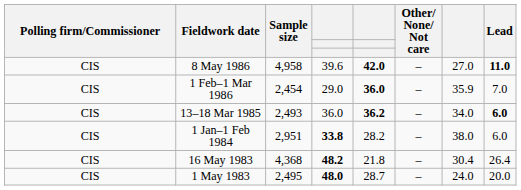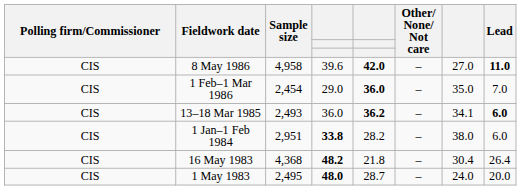 <table class="wikitable collapsible collapsed" style="text-align:center; font-size:90%; line-height:14px;">
 <tr style="height:42px;">
 <th style="width:250px;" rowspan="3">Polling firm/Commissioner</th>
 <th style="width:125px;" rowspan="3">Fieldwork date</th>
 <th style="width:50px;" rowspan="3">Sample size</th>
 <th style="width:55px;"></th>
 <th style="width:55px;"></th>
 <th style="width:55px;" rowspan="3">Other/<br>None/<br>Not<br>care</th>
 <th style="width:55px;" rowspan="3"></th>
 <th style="width:30px;" rowspan="3">Lead</th>
 </tr>
 <tr>
 <th style="color:inherit;background:"></th>
 <th style="color:inherit;background:"></th>
 </tr>
 <tr>
 <th></th>
 <th></th>
 </tr>
 <tr>
 <td>CIS</td>
 <td>8 May 1986</td>
 <td>4,958</td>
 <td>39.6</td>
 <td><strong>42.0</strong></td>
 <td>–</td>
 <td>27.0</td>
 <td style="background:"><strong>11.0</strong></td>
 </tr>
 <tr>
 <td>CIS</td>
 <td>1 Feb–1 Mar 1986</td>
 <td>2,454</td>
 <td>29.0</td>
 <td><strong>36.0</strong></td>
 <td>–</td>
-<td>35.9</td>
+<td>35.0</td>
 <td style="background:">7.0</td>
 </tr>
 <tr>
 <td>CIS</td>
 <td>13–18 Mar 1985</td>
 <td>2,493</td>
 <td>36.0</td>
 <td><strong>36.2</strong></td>
 <td>–</td>
-<td>34.0</td>
+<td>34.1</td>
 <td style="background:"><strong>6.0</strong></td>
 </tr>
 <tr>
 <td>CIS</td>
 <td>1 Jan–1 Feb 1984</td>
 <td>2,951</td>
 <td><strong>33.8</strong></td>
 <td>28.2</td>
 <td>–</td>
 <td>38.0</td>
 <td style="background:">6.0</td>
 </tr>
 <tr>
 <td>CIS</td>
 <td>16 May 1983</td>
 <td>4,368</td>
 <td><strong>48.2</strong></td>
 <td>21.8</td>
 <td>–</td>
 <td>30.4</td>
 <td style="background:">26.4</td>
 </tr>
 <tr>
 <td>CIS</td>
 <td>1 May 1983</td>
 <td>2,495</td>
 <td><strong>48.0</strong></td>
 <td>28.7</td>
 <td>–</td>
 <td>24.0</td>
 <td style="background:">20.0</td>
 </tr>
 </table>
